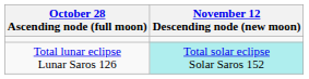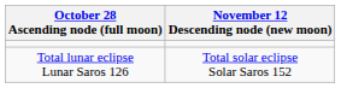 <table class="wikitable">
 <tr>
 <th><a href='#'>October 28</a><br>Ascending node (full moon)<br></th>
 <th><a href='#'>November 12</a><br>Descending node (new moon)<br></th>
 </tr>
 <tr>
 <td></td>
 <td></td>
 </tr>
 <tr align=center>
 <td><a href='#'>Total lunar eclipse</a><br>Lunar Saros 126</td>
-<td style="background: paleturquoise;"><a href='#'>Total solar eclipse</a><br>Solar Saros 152</td>
+<td><a href='#'>Total solar eclipse</a><br>Solar Saros 152</td>
 </tr>
 </table>
